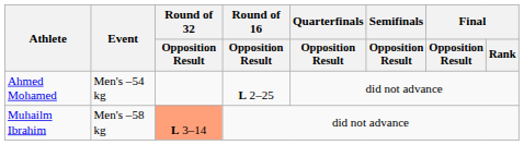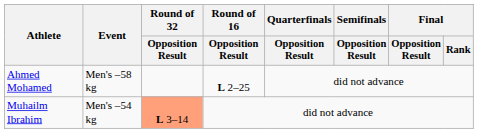 <table class="wikitable" style="text-align:left; font-size:90%">
 <tr>
 <th rowspan="2">Athlete</th>
 <th rowspan="2">Event</th>
 <th>Round of 32</th>
 <th>Round of 16</th>
 <th>Quarterfinals</th>
 <th>Semifinals</th>
 <th colspan=2>Final</th>
 </tr>
 <tr style="font-size: 95%">
 <th>Opposition<br>Result</th>
 <th>Opposition<br>Result</th>
 <th>Opposition<br>Result</th>
 <th>Opposition<br>Result</th>
 <th>Opposition<br>Result</th>
 <th>Rank</th>
 </tr>
 <tr align=center>
 <td align=left><a href='#'>Ahmed Mohamed</a></td>
-<td align=left>Men's –54 kg</td>
+<td align=left>Men's –58 kg</td>
 <td></td>
 <td><br><strong>L</strong> 2–25</td>
 <td colspan=4>did not advance</td>
 </tr>
 <tr align=center>
 <td align=left><a href='#'>Muhailm Ibrahim</a></td>
-<td align=left>Men's –58 kg</td>
+<td align=left>Men's –54 kg</td>
 <td style="background: lightsalmon;"><br><strong>L</strong> 3–14</td>
 <td colspan=5>did not advance</td>
 </tr>
 </table>
